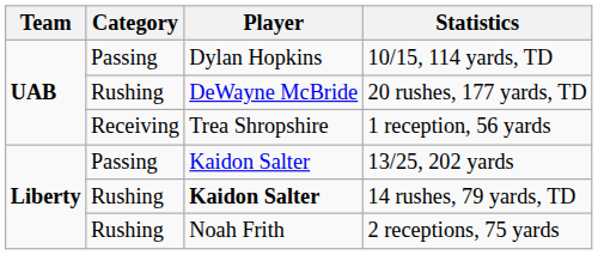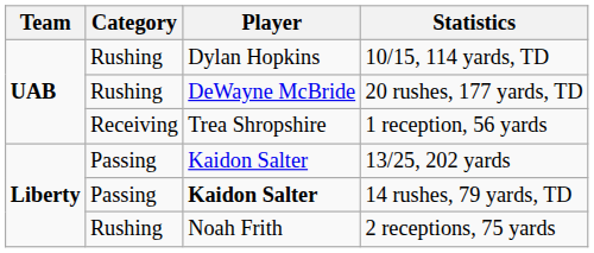 <table class="wikitable" style="float: left;">
 <tr>
 <th>Team</th>
 <th>Category</th>
 <th>Player</th>
 <th>Statistics</th>
 </tr>
 <tr>
 <td rowspan=3><strong>UAB</strong></td>
-<td>Passing</td>
+<td>Rushing</td>
 <td>Dylan Hopkins</td>
 <td>10/15, 114 yards, TD</td>
 </tr>
 <tr>
 <td>Rushing</td>
 <td><a href='#'>DeWayne McBride</a></td>
 <td>20 rushes, 177 yards, TD</td>
 </tr>
 <tr>
 <td>Receiving</td>
 <td>Trea Shropshire</td>
 <td>1 reception, 56 yards</td>
 </tr>
 <tr>
 <td rowspan=3><strong>Liberty</strong></td>
 <td>Passing</td>
 <td><a href='#'>Kaidon Salter</a></td>
 <td>13/25, 202 yards</td>
 </tr>
 <tr>
-<td>Rushing</td>
+<td>Passing</td>
 <td><strong>Kaidon Salter</strong></td>
 <td>14 rushes, 79 yards, TD</td>
 </tr>
 <tr>
 <td>Rushing</td>
 <td>Noah Frith</td>
 <td>2 receptions, 75 yards</td>
 </tr>
 </table>
